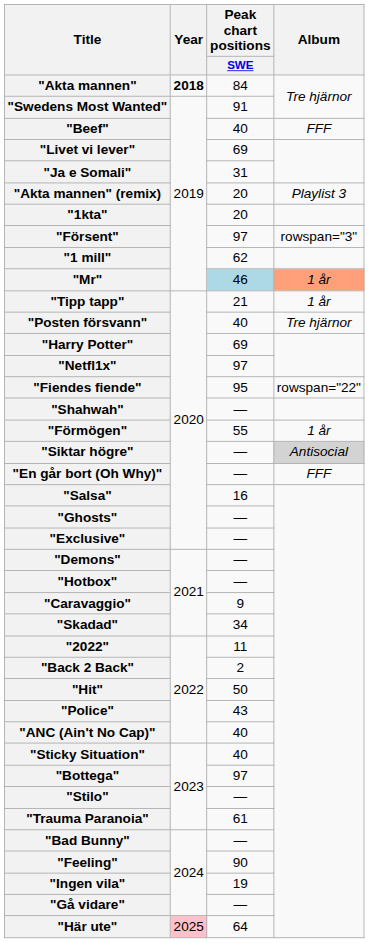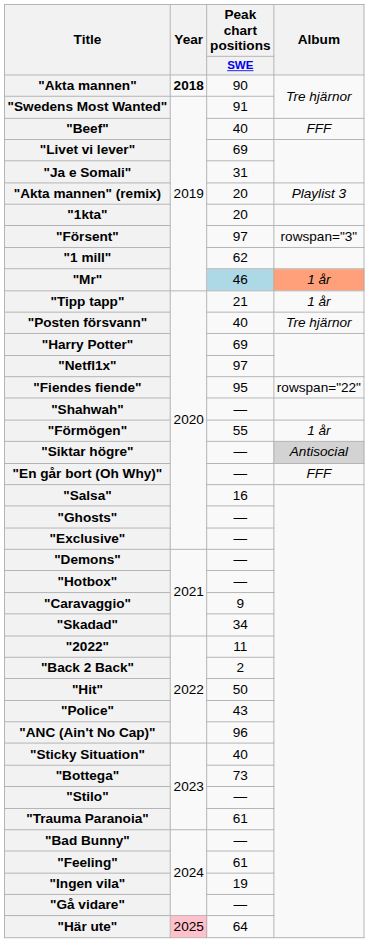 <table class="wikitable plainrowheaders" style="text-align:center;">
 <tr>
 <th scope="col" rowspan="2">Title</th>
 <th scope="col" rowspan="2">Year</th>
 <th scope="col" colspan="1">Peak chart positions</th>
 <th scope="col" rowspan="2">Album</th>
 </tr>
 <tr>
 <th scope="col" style="width:3em;font-size:85%;"><a href='#'>SWE</a><br></th>
 </tr>
 <tr>
 <th scope="row">"Akta mannen"</th>
 <td><strong>2018</strong></td>
-<td>84</td>
+<td>90<br></td>
 <td rowspan="2"><em>Tre hjärnor</em></td>
 </tr>
 <tr>
 <th scope="row">"Swedens Most Wanted"</th>
 <td rowspan="9">2019</td>
 <td>91<br></td>
 </tr>
 <tr>
 <th scope="row">"Beef"<br></th>
 <td>40</td>
 <td><em>FFF</em></td>
 </tr>
 <tr>
 <th scope="row">"Livet vi lever"<br></th>
 <td>69</td>
 </tr>
 <tr>
 <th scope="row">"Ja e Somali"<br></th>
 <td>31</td>
 </tr>
 <tr>
 <th scope="row">"Akta mannen" (remix)<br></th>
 <td>20</td>
 <td><em>Playlist 3</em></td>
 </tr>
 <tr>
 <th scope="row">"1kta"<br></th>
 <td>20</td>
 <td></td>
 </tr>
 <tr>
 <th scope="row">"Försent"<br></th>
 <td>97</td>
 <td>rowspan="3" </td>
 </tr>
 <tr>
 <th scope="row">"1 mill"<br></th>
 <td>62<br></td>
 <td></td>
 </tr>
 <tr>
 <th scope="row">"Mr"<br></th>
 <td style="background: lightblue;">46</td>
 <td style="background: lightsalmon;"><em>1 år</em></td>
 </tr>
 <tr>
 <th scope="row">"Tipp tapp"<br></th>
 <td rowspan="12">2020</td>
 <td>21</td>
 <td><em>1 år</em></td>
 </tr>
 <tr>
 <th scope="row">"Posten försvann"</th>
 <td>40</td>
 <td><em>Tre hjärnor</em></td>
 </tr>
 <tr>
 <th scope="row">"Harry Potter"</th>
 <td>69</td>
 </tr>
 <tr>
 <th scope="row">"Netfl1x"<br></th>
 <td>97</td>
 </tr>
 <tr>
 <th scope="row">"Fiendes fiende"<br></th>
 <td>95<br></td>
 <td>rowspan="22" </td>
 </tr>
 <tr>
 <th scope="row">"Shahwah"<br></th>
 <td>—</td>
 <td></td>
 </tr>
 <tr>
 <th scope="row">"Förmögen"</th>
 <td>55</td>
 <td><em>1 år</em></td>
 </tr>
 <tr>
 <th scope="row">"Siktar högre"<br></th>
 <td>—</td>
 <td style="background: lightgrey;"><em>Antisocial</em></td>
 </tr>
 <tr>
 <th scope="row">"En går bort (Oh Why)"</th>
 <td>—</td>
 <td><em>FFF</em></td>
 </tr>
 <tr>
 <th scope="row">"Salsa"<br></th>
 <td>16</td>
 </tr>
 <tr>
 <th scope="row">"Ghosts"<br></th>
 <td>—</td>
 </tr>
 <tr>
 <th scope="row">"Exclusive"<br></th>
 <td>—</td>
 </tr>
 <tr>
 <th scope="row">"Demons"</th>
 <td rowspan="4">2021</td>
 <td>—</td>
 </tr>
 <tr>
 <th scope="row">"Hotbox"<br></th>
 <td>—</td>
 </tr>
 <tr>
 <th scope="row">"Caravaggio"</th>
 <td>9<br></td>
 </tr>
 <tr>
 <th scope="row">"Skadad"</th>
 <td>34</td>
 </tr>
 <tr>
 <th scope="row">"2022"</th>
 <td rowspan="5">2022</td>
 <td>11</td>
 </tr>
 <tr>
 <th scope="row">"Back 2 Back"</th>
 <td>2</td>
 </tr>
 <tr>
 <th scope="row">"Hit"</th>
 <td>50</td>
 </tr>
 <tr>
 <th scope="row">"Police"</th>
 <td>43<br></td>
 </tr>
 <tr>
 <th scope="row">"ANC (Ain't No Cap)"<br></th>
-<td>40</td>
+<td>96<br></td>
 </tr>
 <tr>
 <th scope="row">"Sticky Situation"<br></th>
 <td rowspan="4">2023</td>
 <td>40</td>
 </tr>
 <tr>
 <th scope="row">"Bottega"</th>
-<td>97</td>
+<td>73<br></td>
 </tr>
 <tr>
 <th scope="row">"Stilo"</th>
 <td>—</td>
 </tr>
 <tr>
 <th scope="row">"Trauma Paranoia"<br></th>
 <td>61<br></td>
 </tr>
 <tr>
 <th scope="row">"Bad Bunny"<br></th>
 <td rowspan="4">2024</td>
 <td>—</td>
 </tr>
 <tr>
 <th scope="row">"Feeling"<br></th>
-<td>90<br></td>
+<td>61<br></td>
 </tr>
 <tr>
 <th scope="row">"Ingen vila"</th>
 <td>19</td>
 </tr>
 <tr>
 <th scope="row">"Gå vidare"</th>
 <td>—</td>
 </tr>
 <tr>
 <th scope="row">"Här ute"<br></th>
 <td style="background: pink;">2025</td>
 <td>64<br></td>
 </tr>
 </table>
